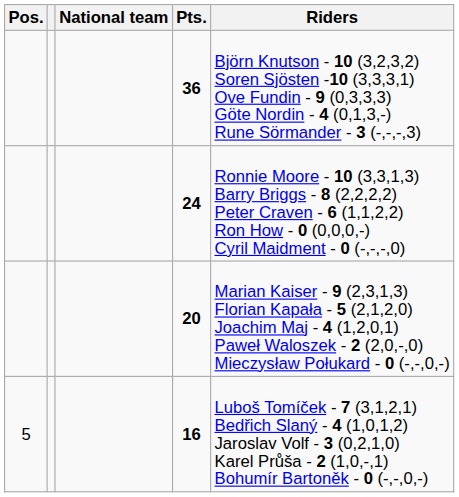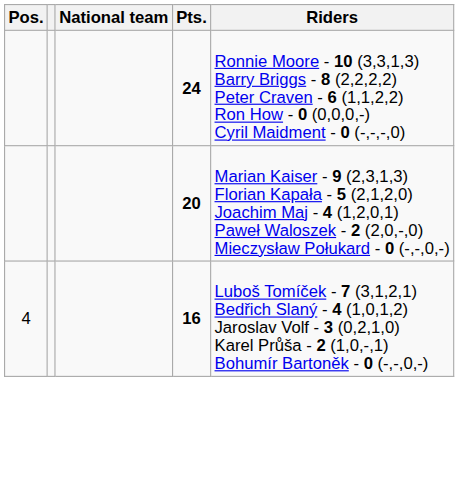 <table class=wikitable style="font-size:93%;">
 <tr>
 <th>Pos.</th>
 <th></th>
 <th>National team</th>
 <th>Pts.</th>
 <th>Riders</th>
-</tr>
-<tr align=center >
-<td></td>
-<td></td>
-<td align=left></td>
-<td><strong>36</strong></td>
-<td align=left><br><a href='#'>Björn Knutson</a> - <strong>10</strong> (3,2,3,2)<br> <a href='#'>Soren Sjösten</a> -<strong>10</strong> (3,3,3,1)<br> <a href='#'>Ove Fundin</a> - <strong>9</strong> (0,3,3,3)<br> <a href='#'>Göte Nordin</a> - <strong>4</strong> (0,1,3,-)<br> <a href='#'>Rune Sörmander</a> - <strong>3</strong> (-,-,-,3)</td>
 </tr>
 <tr align=center >
 <td></td>
 <td></td>
 <td align=left></td>
 <td><strong>24</strong></td>
 <td align=left><br><a href='#'>Ronnie Moore</a> - <strong>10</strong> (3,3,1,3)<br> <a href='#'>Barry Briggs</a> - <strong>8</strong> (2,2,2,2)<br> <a href='#'>Peter Craven</a> - <strong>6</strong> (1,1,2,2)<br> <a href='#'>Ron How</a> - <strong>0</strong> (0,0,0,-)<br> <a href='#'>Cyril Maidment</a> - <strong>0</strong> (-,-,-,0)</td>
 </tr>
 <tr align=center >
 <td></td>
 <td></td>
 <td align=left></td>
 <td><strong>20</strong></td>
 <td align=left><br><a href='#'>Marian Kaiser</a> - <strong>9</strong> (2,3,1,3)<br> <a href='#'>Florian Kapała</a> - <strong>5</strong> (2,1,2,0)<br> <a href='#'>Joachim Maj</a> - <strong>4</strong> (1,2,0,1)<br> <a href='#'>Paweł Waloszek</a> - <strong>2</strong> (2,0,-,0)<br> <a href='#'>Mieczysław Połukard</a> - <strong>0</strong> (-,-,0,-)</td>
 </tr>
 <tr align=center>
-<td>5</td>
+<td>4</td>
 <td></td>
 <td align=left></td>
 <td><strong>16</strong></td>
 <td align=left><br><a href='#'>Luboš Tomíček</a> - <strong>7</strong> (3,1,2,1)<br> <a href='#'>Bedřich Slaný</a> - <strong>4</strong> (1,0,1,2)<br> Jaroslav Volf - <strong>3</strong> (0,2,1,0)<br> Karel Průša - <strong>2</strong> (1,0,-,1)<br> <a href='#'>Bohumír Bartoněk</a> - <strong>0</strong> (-,-,0,-)</td>
 </tr>
 </table>
